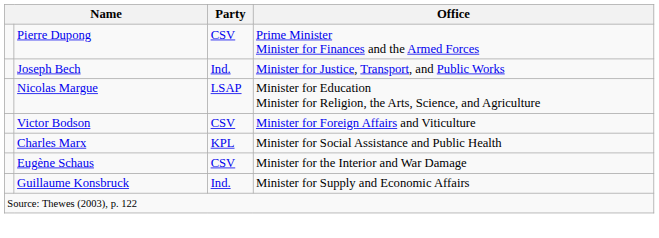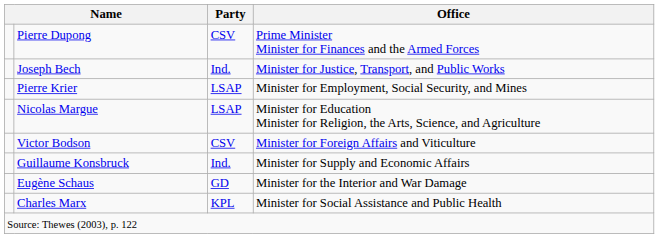 <table class="wikitable">
 <tr>
 <th colspan=2 width=250px>Name</th>
 <th width=50px>Party</th>
 <th width=500px>Office</th>
 </tr>
 <tr>
 <td width=5px style="background-color: "></td>
 <td valign=top><a href='#'>Pierre Dupong</a></td>
 <td valign=top><a href='#'>CSV</a></td>
 <td><a href='#'>Prime Minister</a> <br> <a href='#'>Minister for Finances</a> and the <a href='#'>Armed Forces</a></td>
 </tr>
 <tr>
 <td style="background-color: "></td>
 <td valign=top><a href='#'>Joseph Bech</a></td>
 <td valign=top><a href='#'>Ind.</a></td>
 <td><a href='#'>Minister for Justice</a>, <a href='#'>Transport</a>, and <a href='#'>Public Works</a></td>
 </tr>
 <tr>
 <td style="background-color: "></td>
+<td valign=top><a href='#'>Pierre Krier</a></td>
+<td valign=top><a href='#'>LSAP</a></td>
+<td>Minister for Employment, Social Security, and Mines</td>
+</tr>
+<tr>
+<td style="background-color: "></td>
 <td valign=top><a href='#'>Nicolas Margue</a></td>
 <td valign=top><a href='#'>LSAP</a></td>
 <td>Minister for Education <br> Minister for Religion, the Arts, Science, and Agriculture</td>
 </tr>
 <tr>
 <td style="background-color: "></td>
 <td valign=top><a href='#'>Victor Bodson</a></td>
 <td valign=top><a href='#'>CSV</a></td>
 <td><a href='#'>Minister for Foreign Affairs</a> and Viticulture</td>
 </tr>
 <tr>
+<td></td>
+<td valign=top><a href='#'>Guillaume Konsbruck</a></td>
+<td valign=top><a href='#'>Ind.</a></td>
+<td>Minister for Supply and Economic Affairs</td>
+</tr>
+<tr>
+<td style="background-color: "></td>
+<td valign=top><a href='#'>Eugène Schaus</a></td>
+<td valign=top><a href='#'>GD</a></td>
+<td>Minister for the Interior and War Damage</td>
+</tr>
+<tr>
 <td style="background-color: "></td>
 <td valign=top><a href='#'>Charles Marx</a></td>
 <td valign=top><a href='#'>KPL</a></td>
 <td>Minister for Social Assistance and Public Health</td>
 </tr>
 <tr>
-<td style="background-color: "></td>
-<td valign=top><a href='#'>Eugène Schaus</a></td>
-<td valign=top><a href='#'>CSV</a></td>
-<td>Minister for the Interior and War Damage</td>
-</tr>
-<tr>
-<td></td>
-<td valign=top><a href='#'>Guillaume Konsbruck</a></td>
-<td valign=top><a href='#'>Ind.</a></td>
-<td>Minister for Supply and Economic Affairs</td>
-</tr>
-<tr>
 <td colspan=4><small> Source: Thewes (2003), p. 122</small></td>
 </tr>
 </table>
